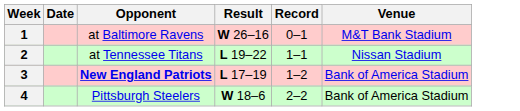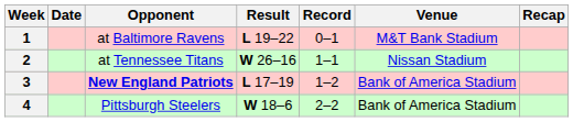 <table class="wikitable" style="text-align:center">
 <tr>
 <th>Week</th>
 <th>Date</th>
 <th>Opponent</th>
 <th>Result</th>
 <th>Record</th>
 <th>Venue</th>
+<th>Recap</th>
 </tr>
 <tr style="background:#fcc">
 <th>1</th>
 <td></td>
 <td>at <a href='#'>Baltimore Ravens</a></td>
-<td><strong>W</strong> 26–16</td>
+<td><strong>L</strong> 19–22</td>
 <td>0–1</td>
 <td><a href='#'>M&T Bank Stadium</a></td>
+<td></td>
 </tr>
 <tr style="background:#cfc">
 <th>2</th>
 <td></td>
 <td>at <a href='#'>Tennessee Titans</a></td>
-<td><strong>L</strong> 19–22</td>
+<td><strong>W</strong> 26–16</td>
 <td>1–1</td>
 <td><a href='#'>Nissan Stadium</a></td>
+<td></td>
 </tr>
 <tr style="background:#fcc">
 <th>3</th>
 <td></td>
 <td><strong><a href='#'>New England Patriots</a></strong></td>
 <td><strong>L</strong> 17–19</td>
 <td>1–2</td>
 <td><a href='#'>Bank of America Stadium</a></td>
+<td></td>
 </tr>
 <tr style="background:#cfc">
 <th>4</th>
 <td></td>
 <td><a href='#'>Pittsburgh Steelers</a></td>
 <td><strong>W</strong> 18–6</td>
 <td>2–2</td>
 <td>Bank of America Stadium</td>
+<td></td>
 </tr>
 </table>
